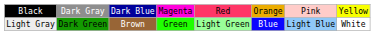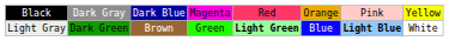 <table class="wikitable" style="text-align:center;">
 <tr>
 <td style="background-color:#000000; color:#ffffff;">Black</td>
 <td style="background-color:#8e8e8e; color:#ffffff;">Dark Gray</td>
 <td style="background-color:#00009b; color:#ffffff;">Dark Blue</td>
 <td style="background-color:#ff00db;">Magenta</td>
 <td style="background-color:#ff3667;">Red</td>
 <td style="background-color:#ebac01;">Orange</td>
 <td style="background-color:#ffccc9;">Pink</td>
 <td style="background-color:#f8ff00;">Yellow</td>
 </tr>
 <tr style="background-color:#ededed;">
 <td>Light Gray</td>
 <td style="background-color:#139900;">Dark Green</td>
 <td style="background-color:#986536; color:#ffffff;">Brown</td>
 <td style="background-color:#20ff00;">Green</td>
-<td style="background-color:#9aff99;">Light Green</td>
+<td style="background-color:#9aff99;"><strong>Light Green</strong></td>
 <td style="background-color:#0a05ff; color:#ffffff;">Blue</td>
-<td style="background-color:#90c8f8;">Light Blue</td>
+<td style="background-color:#90c8f8;"><strong>Light Blue</strong></td>
 <td style="background-color:#ffffff; color:#000000;">White</td>
 </tr>
 </table>
